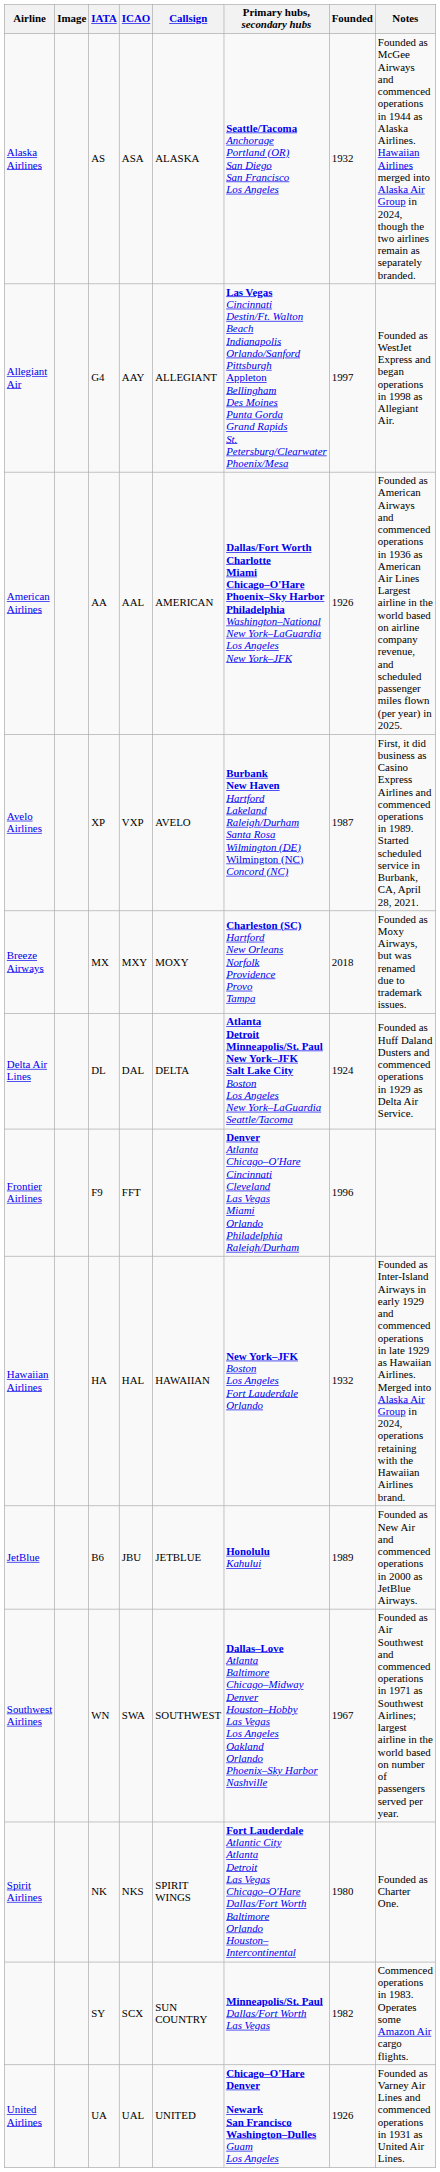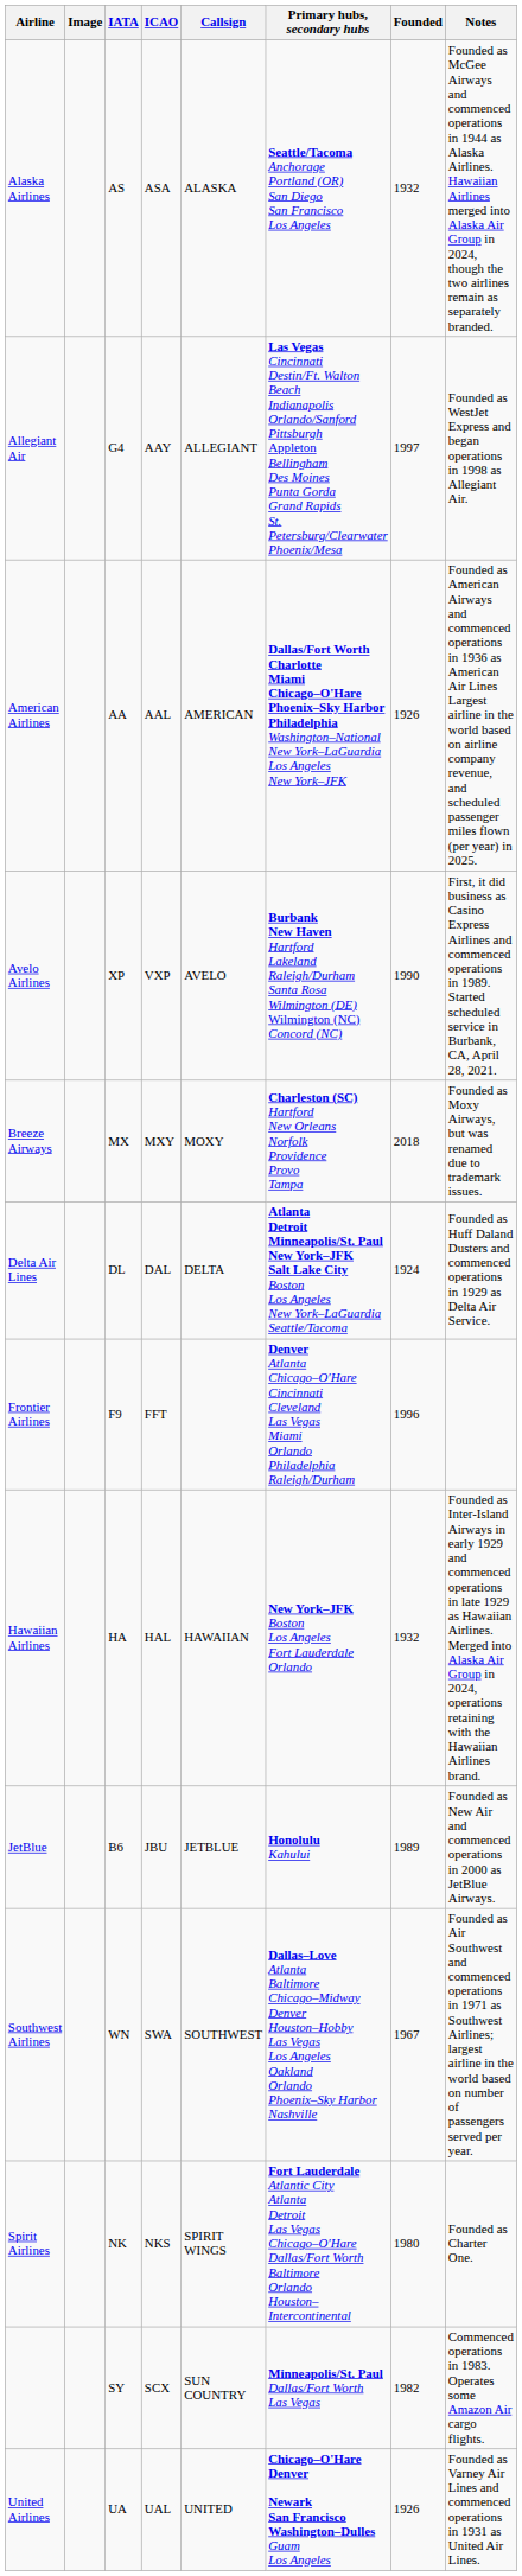 <table class="wikitable sortable" style="border: 0; cellpadding: 2; cellspacing: 3;">
 <tr style="vertical-align:middle;">
 <th>Airline</th>
 <th>Image</th>
 <th><a href='#'>IATA</a></th>
 <th><a href='#'>ICAO</a></th>
 <th><a href='#'>Callsign</a></th>
 <th>Primary hubs, <br> <em>secondary hubs</em></th>
 <th>Founded</th>
 <th class="unsortable">Notes</th>
 </tr>
 <tr>
 <td><a href='#'>Alaska Airlines</a></td>
 <td></td>
 <td>AS</td>
 <td>ASA</td>
 <td>ALASKA</td>
 <td><strong><a href='#'>Seattle/Tacoma</a></strong><br><em><a href='#'>Anchorage</a></em><br><em><a href='#'>Portland (OR)</a></em><br><em><a href='#'>San Diego</a></em><br><em><a href='#'>San Francisco</a></em><br><em><a href='#'>Los Angeles</a></em></td>
 <td>1932</td>
 <td>Founded as McGee Airways and commenced operations in 1944 as Alaska Airlines.<br><a href='#'>Hawaiian Airlines</a> merged into <a href='#'>Alaska Air Group</a> in 2024, though the two airlines remain as separately branded.</td>
 </tr>
 <tr>
 <td><a href='#'>Allegiant Air</a></td>
 <td></td>
 <td>G4</td>
 <td>AAY</td>
 <td>ALLEGIANT</td>
 <td><strong><a href='#'>Las Vegas</a></strong><br><em><a href='#'>Cincinnati</a><br><a href='#'>Destin/Ft. Walton Beach</a><br><a href='#'>Indianapolis</a><br><a href='#'>Orlando/Sanford</a><br><a href='#'>Pittsburgh</a></em><br><a href='#'>Appleton</a><em><br><a href='#'>Bellingham</a><br><a href='#'>Des Moines</a><br><a href='#'>Punta Gorda</a><br><a href='#'>Grand Rapids</a><br><a href='#'>St. Petersburg/Clearwater</a><br><a href='#'>Phoenix/Mesa</a></em></td>
 <td>1997</td>
 <td>Founded as WestJet Express and began operations in 1998 as Allegiant Air.</td>
 </tr>
 <tr>
 <td><a href='#'>American Airlines</a></td>
 <td></td>
 <td>AA</td>
 <td>AAL</td>
 <td>AMERICAN</td>
 <td><strong><a href='#'>Dallas/Fort Worth</a></strong><br><strong><a href='#'>Charlotte</a></strong><br><strong><a href='#'>Miami</a></strong><br><a href='#'><strong>Chicago–O'Hare</strong></a><br><a href='#'><strong>Phoenix–Sky Harbor</strong></a><br><a href='#'><strong>Philadelphia</strong></a><br><em><a href='#'>Washington–National</a><br><a href='#'>New York–LaGuardia</a></em><br><em><a href='#'>Los Angeles</a></em><br><em><a href='#'>New York–JFK</a></em></td>
 <td>1926</td>
 <td>Founded as American Airways and commenced operations in 1936 as American Air Lines<br>Largest airline in the world based on airline company revenue, and scheduled passenger miles flown (per year) in 2025.</td>
 </tr>
 <tr>
 <td><a href='#'>Avelo Airlines</a></td>
 <td></td>
 <td>XP</td>
 <td>VXP</td>
 <td>AVELO</td>
 <td><strong><a href='#'>Burbank</a></strong><br><strong><a href='#'>New Haven</a></strong><br><em><a href='#'>Hartford</a></em><br><em><a href='#'>Lakeland</a></em><br><em><a href='#'>Raleigh/Durham</a></em><br><em><a href='#'>Santa Rosa</a></em><br><em><a href='#'>Wilmington (DE)</a></em><br><em><a href='#'></em>Wilmington (NC)<em></a></em><br><em><a href='#'>Concord (NC)</a></em></td>
-<td>1987</td>
+<td>1990</td>
 <td>First, it did business as Casino Express Airlines and commenced operations in 1989. Started scheduled service in Burbank, CA, April 28, 2021.</td>
 </tr>
 <tr>
 <td><a href='#'>Breeze Airways</a></td>
 <td></td>
 <td>MX</td>
 <td>MXY</td>
 <td>MOXY</td>
 <td><strong><a href='#'>Charleston (SC)</a></strong><br><em><a href='#'>Hartford</a></em><br><em><a href='#'>New Orleans</a></em><br><em><a href='#'>Norfolk</a></em><br><em><a href='#'>Providence</a></em><br><em><a href='#'>Provo</a></em><br><em><a href='#'>Tampa</a></em></td>
 <td>2018</td>
 <td>Founded as Moxy Airways, but was renamed due to trademark issues.</td>
 </tr>
 <tr>
 <td><a href='#'>Delta Air Lines</a></td>
 <td></td>
 <td>DL</td>
 <td>DAL</td>
 <td>DELTA</td>
 <td><strong><a href='#'>Atlanta</a></strong><br><strong><a href='#'>Detroit</a></strong><br><strong><a href='#'>Minneapolis/St. Paul</a></strong><br><a href='#'><strong>New York–JFK</strong></a><br><a href='#'><strong>Salt Lake City</strong></a><br><em><a href='#'>Boston</a></em><br><em><a href='#'>Los Angeles</a></em><br><em><a href='#'>New York–LaGuardia</a></em><br><a href='#'><em>Seattle/Tacoma</em></a></td>
 <td>1924</td>
 <td>Founded as Huff Daland Dusters and commenced operations in 1929 as Delta Air Service.</td>
 </tr>
 <tr>
 <td><a href='#'>Frontier Airlines</a></td>
 <td></td>
 <td>F9</td>
 <td>FFT</td>
 <td></td>
 <td><strong><a href='#'>Denver</a></strong><br><em><a href='#'>Atlanta</a></em><br><em><a href='#'>Chicago–O'Hare</a></em><br><em><a href='#'>Cincinnati</a></em><br><em><a href='#'>Cleveland</a></em><br><em><a href='#'>Las Vegas</a></em><br><em><a href='#'>Miami</a></em><br><em><a href='#'>Orlando</a></em><br><em><a href='#'>Philadelphia</a></em><br><em><a href='#'>Raleigh/Durham</a></em></td>
 <td>1996</td>
 <td></td>
 </tr>
 <tr>
 <td><a href='#'>Hawaiian Airlines</a></td>
 <td></td>
 <td>HA</td>
 <td>HAL</td>
 <td>HAWAIIAN</td>
 <td><strong><a href='#'>New York–JFK</a></strong><br><em><a href='#'>Boston</a></em><br><em><a href='#'>Los Angeles</a></em><br><em><a href='#'>Fort Lauderdale</a></em><br><em><a href='#'>Orlando</a></em></td>
 <td>1932</td>
 <td>Founded as Inter-Island Airways in early 1929 and commenced operations in late 1929 as Hawaiian Airlines.<br>Merged into <a href='#'>Alaska Air Group</a> in 2024, operations retaining with the Hawaiian Airlines brand.</td>
 </tr>
 <tr>
 <td><a href='#'>JetBlue</a></td>
 <td></td>
 <td>B6</td>
 <td>JBU</td>
 <td>JETBLUE</td>
 <td><strong><a href='#'>Honolulu</a></strong><br><em><a href='#'>Kahului</a></em></td>
 <td>1989</td>
 <td>Founded as New Air and commenced operations in 2000 as JetBlue Airways.</td>
 </tr>
 <tr>
 <td><a href='#'>Southwest Airlines</a></td>
 <td></td>
 <td>WN</td>
 <td>SWA</td>
 <td>SOUTHWEST</td>
 <td><strong><a href='#'>Dallas–Love</a></strong><br><em><a href='#'>Atlanta</a></em><br><em><a href='#'>Baltimore</a></em><br><em><a href='#'>Chicago–Midway</a></em><br><em><a href='#'>Denver</a></em><br><em><a href='#'>Houston–Hobby</a> </em><br><em><a href='#'>Las Vegas</a></em><br><em><a href='#'>Los Angeles</a></em><br><em><a href='#'>Oakland</a></em><br><em><a href='#'>Orlando</a></em><br><em><a href='#'>Phoenix–Sky Harbor</a></em><br><em><a href='#'>Nashville</a></em></td>
 <td>1967</td>
 <td>Founded as Air Southwest and commenced operations in 1971 as Southwest Airlines; largest airline in the world based on number of passengers served per year.</td>
 </tr>
 <tr>
 <td><a href='#'>Spirit Airlines</a></td>
 <td></td>
 <td>NK</td>
 <td>NKS</td>
 <td>SPIRIT WINGS</td>
 <td><strong><a href='#'>Fort Lauderdale</a></strong><br><em><a href='#'>Atlantic City</a></em><br><em><a href='#'>Atlanta</a></em><br><em><a href='#'>Detroit</a></em><br><em><a href='#'>Las Vegas</a></em><br><em><a href='#'>Chicago–O'Hare</a></em><br><em><a href='#'>Dallas/Fort Worth</a></em><br><em><a href='#'>Baltimore</a></em><br><em><a href='#'>Orlando</a></em><br><em><a href='#'>Houston–Intercontinental</a></em></td>
 <td>1980</td>
 <td>Founded as Charter One.</td>
 </tr>
 <tr>
 <td></td>
 <td></td>
 <td>SY</td>
 <td>SCX</td>
 <td>SUN COUNTRY</td>
 <td><strong><a href='#'>Minneapolis/St. Paul</a></strong><br><em><a href='#'>Dallas/Fort Worth</a><br><a href='#'>Las Vegas</a></em></td>
 <td>1982</td>
 <td>Commenced operations in 1983.<br>Operates some <a href='#'>Amazon Air</a> cargo flights.</td>
 </tr>
 <tr>
 <td><a href='#'>United Airlines</a></td>
 <td></td>
 <td>UA</td>
 <td>UAL</td>
 <td>UNITED</td>
 <td><strong><a href='#'>Chicago–O'Hare</a></strong><br><a href='#'><strong>Denver</strong></a><br><br><strong><a href='#'>Newark</a></strong><br><a href='#'><strong>San Francisco</strong></a><br><a href='#'><strong>Washington–Dulles</strong></a><br><em><a href='#'>Guam</a></em><br><em><a href='#'>Los Angeles</a></em></td>
 <td>1926</td>
 <td>Founded as Varney Air Lines and commenced operations in 1931 as United Air Lines.</td>
 </tr>
 </table>
